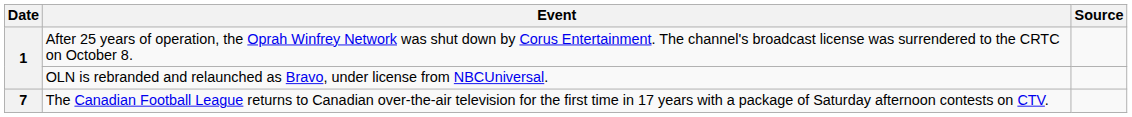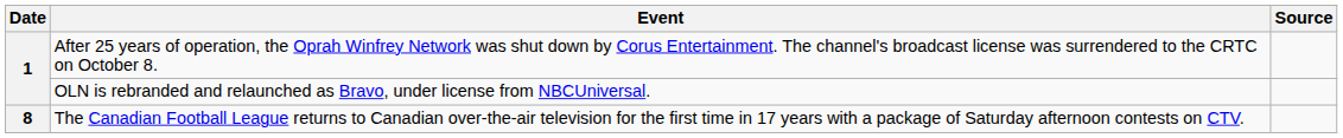 <table class="wikitable">
 <tr>
 <th>Date</th>
 <th>Event</th>
 <th>Source</th>
 </tr>
 <tr>
 <th rowspan=2>1</th>
 <td>After 25 years of operation, the <a href='#'>Oprah Winfrey Network</a> was shut down by <a href='#'>Corus Entertainment</a>. The channel's broadcast license was surrendered to the CRTC on October 8.<br></td>
 </tr>
 <tr>
 <td>OLN is rebranded and relaunched as <a href='#'>Bravo</a>, under license from <a href='#'>NBCUniversal</a>.</td>
 <td></td>
 </tr>
 <tr>
-<th>7</th>
+<th>8</th>
 <td>The <a href='#'>Canadian Football League</a> returns to Canadian over-the-air television for the first time in 17 years with a package of Saturday afternoon contests on <a href='#'>CTV</a>.</td>
 <td></td>
 </tr>
 </table>
